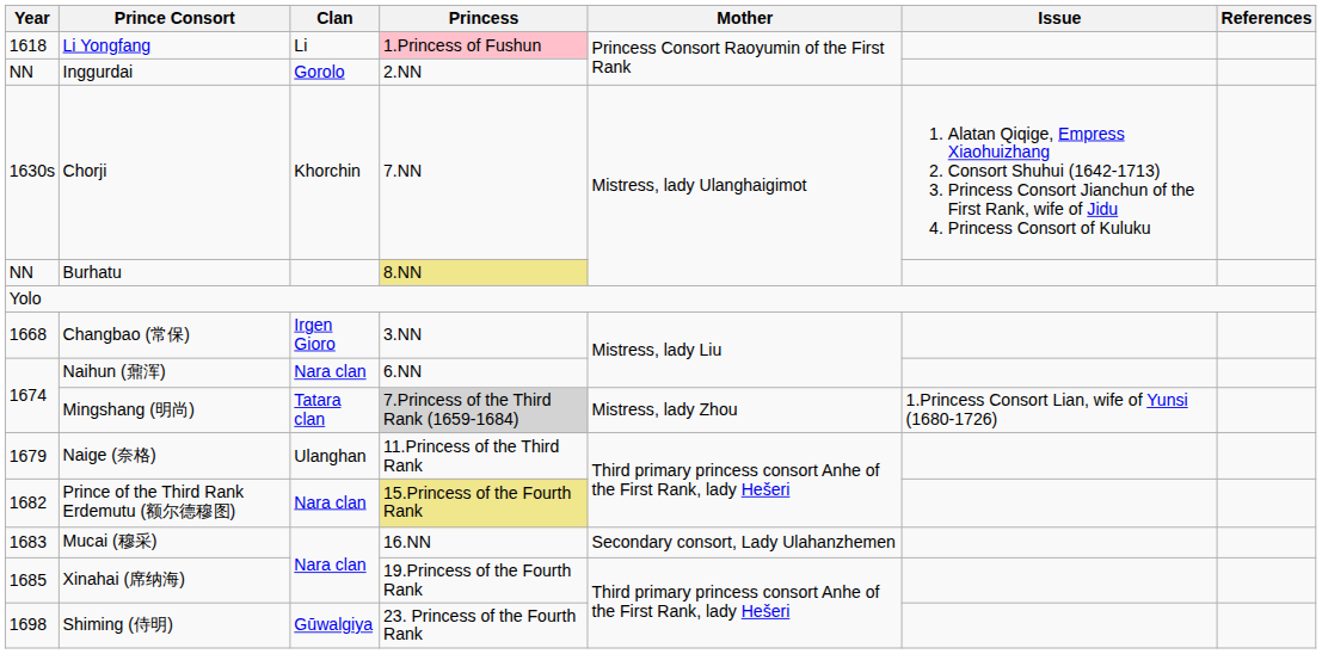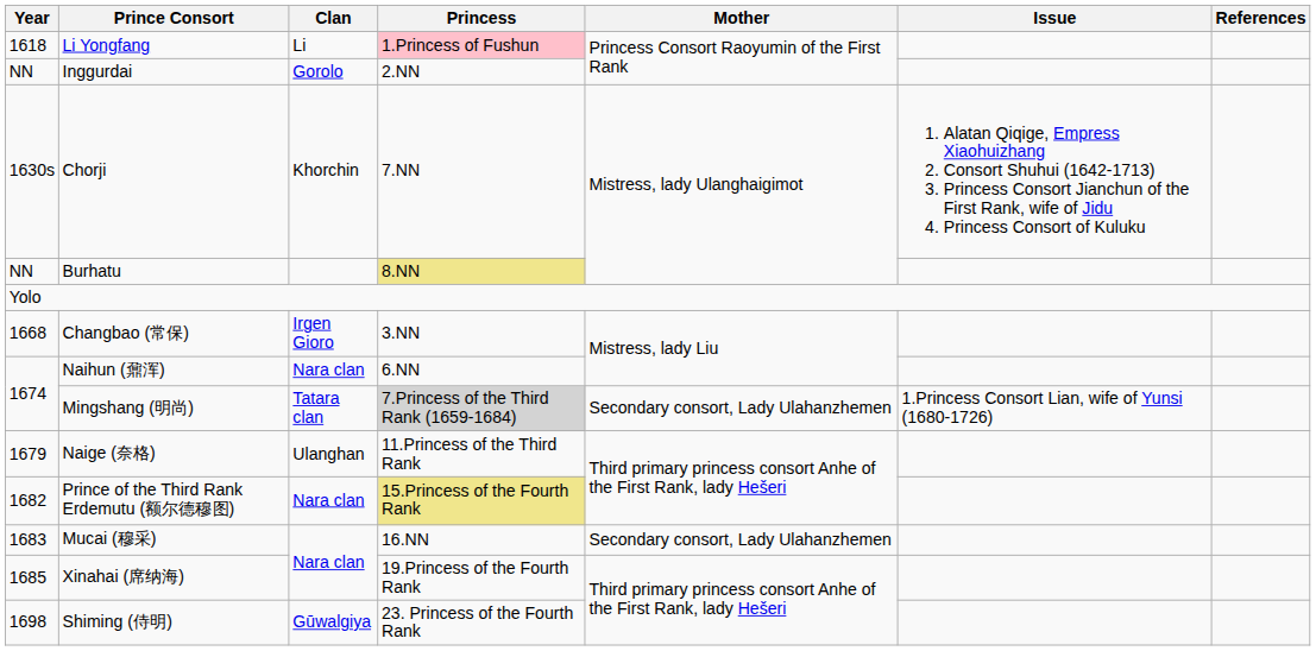 <table class="wikitable">
 <tr>
 <th>Year</th>
 <th>Prince Consort</th>
 <th>Clan</th>
 <th>Princess</th>
 <th>Mother</th>
 <th>Issue</th>
 <th>References</th>
 </tr>
 <tr>
 <td>1618</td>
 <td><a href='#'>Li Yongfang</a></td>
 <td>Li</td>
 <td style="background: pink;">1.Princess of Fushun</td>
 <td rowspan="2">Princess Consort Raoyumin of the First Rank</td>
 <td></td>
 <td></td>
 </tr>
 <tr>
 <td>NN</td>
 <td>Inggurdai</td>
 <td><a href='#'>Gorolo</a></td>
 <td>2.NN</td>
 <td></td>
 <td></td>
 </tr>
 <tr>
 <td>1630s</td>
 <td>Chorji</td>
 <td>Khorchin</td>
 <td>7.NN</td>
 <td rowspan="2">Mistress, lady Ulanghaigimot</td>
 <td><br><ol><li>Alatan Qiqige, <a href='#'>Empress Xiaohuizhang</a></li><li>Consort Shuhui (1642-1713)</li><li>Princess Consort Jianchun of the First Rank, wife of <a href='#'>Jidu</a></li><li>Princess Consort of Kuluku</li></ol></td>
 <td></td>
 </tr>
 <tr>
 <td>NN</td>
 <td>Burhatu</td>
 <td></td>
 <td style="background: khaki;">8.NN</td>
 <td></td>
 <td></td>
 </tr>
 <tr>
 <td colspan="7">Yolo</td>
 </tr>
 <tr>
 <td>1668</td>
 <td>Changbao (常保)</td>
 <td><a href='#'>Irgen Gioro</a></td>
 <td>3.NN</td>
 <td rowspan="2">Mistress, lady Liu</td>
 <td></td>
 <td></td>
 </tr>
 <tr>
 <td rowspan="2">1674</td>
 <td>Naihun (鼐浑)</td>
 <td><a href='#'>Nara clan</a></td>
 <td>6.NN</td>
 <td></td>
 <td></td>
 </tr>
 <tr>
 <td>Mingshang (明尚)</td>
 <td><a href='#'>Tatara clan</a></td>
 <td style="background: lightgrey;">7.Princess of the Third Rank (1659-1684)</td>
-<td>Mistress, lady Zhou</td>
+<td>Secondary consort, Lady Ulahanzhemen</td>
 <td>1.Princess Consort Lian, wife of <a href='#'>Yunsi</a> (1680-1726)</td>
 <td></td>
 </tr>
 <tr>
 <td>1679</td>
 <td>Naige (奈格)</td>
 <td>Ulanghan</td>
 <td>11.Princess of the Third Rank</td>
 <td rowspan="2">Third primary princess consort Anhe of the First Rank, lady <a href='#'>Hešeri</a></td>
 <td></td>
 <td></td>
 </tr>
 <tr>
 <td>1682</td>
 <td>Prince of the Third Rank Erdemutu (额尔德穆图)</td>
 <td><a href='#'>Nara clan</a></td>
 <td style="background: khaki;">15.Princess of the Fourth Rank</td>
 <td></td>
 <td></td>
 </tr>
 <tr>
 <td>1683</td>
 <td>Mucai (穆采)</td>
 <td rowspan="2"><a href='#'>Nara clan</a></td>
 <td>16.NN</td>
 <td>Secondary consort, Lady Ulahanzhemen</td>
 <td></td>
 <td></td>
 </tr>
 <tr>
 <td>1685</td>
 <td>Xinahai (席纳海)</td>
 <td>19.Princess of the Fourth Rank</td>
 <td rowspan="2">Third primary princess consort Anhe of the First Rank, lady <a href='#'>Hešeri</a></td>
 <td></td>
 <td></td>
 </tr>
 <tr>
 <td>1698</td>
 <td>Shiming (侍明)</td>
 <td><a href='#'>Gūwalgiya</a></td>
 <td>23. Princess of the Fourth Rank</td>
 <td></td>
 <td></td>
 </tr>
 </table>
